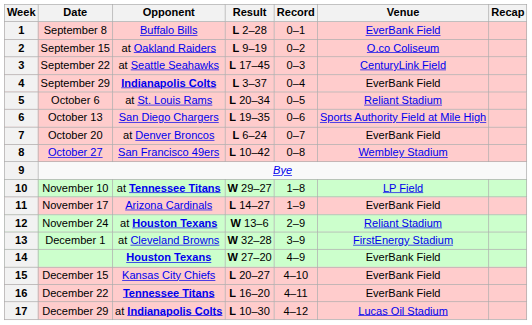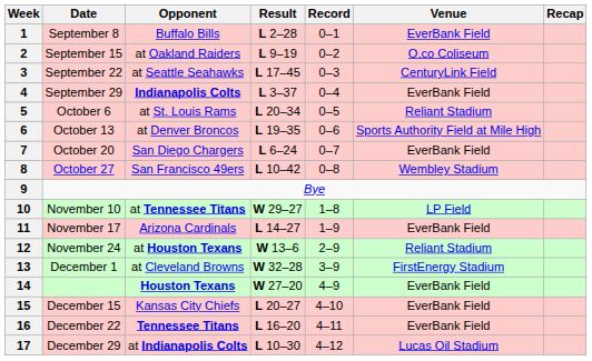 <table class="wikitable" style="text-align:center">
 <tr>
 <th>Week</th>
 <th>Date</th>
 <th>Opponent</th>
 <th>Result</th>
 <th>Record</th>
 <th>Venue</th>
 <th>Recap</th>
 </tr>
 <tr style="background:#fcc;">
 <th>1</th>
 <td>September 8</td>
 <td><a href='#'>Buffalo Bills</a></td>
 <td><strong>L</strong> 2–28</td>
 <td>0–1</td>
 <td><a href='#'>EverBank Field</a></td>
 <td></td>
 </tr>
 <tr style="background:#fcc;">
 <th>2</th>
 <td>September 15</td>
 <td>at <a href='#'>Oakland Raiders</a></td>
 <td><strong>L</strong> 9–19</td>
 <td>0–2</td>
 <td><a href='#'>O.co Coliseum</a></td>
 <td></td>
 </tr>
 <tr style="background:#fcc;">
 <th>3</th>
 <td>September 22</td>
 <td>at <a href='#'>Seattle Seahawks</a></td>
 <td><strong>L</strong> 17–45</td>
 <td>0–3</td>
 <td><a href='#'>CenturyLink Field</a></td>
 <td></td>
 </tr>
 <tr style="background:#fcc;">
 <th>4</th>
 <td>September 29</td>
 <td><strong><a href='#'>Indianapolis Colts</a></strong></td>
 <td><strong>L</strong> 3–37</td>
 <td>0–4</td>
 <td>EverBank Field</td>
 <td></td>
 </tr>
 <tr style="background:#fcc;">
 <th>5</th>
 <td>October 6</td>
 <td>at <a href='#'>St. Louis Rams</a></td>
 <td><strong>L</strong> 20–34</td>
 <td>0–5</td>
 <td><a href='#'>Reliant Stadium</a></td>
 <td></td>
 </tr>
 <tr style="background:#fcc;">
 <th>6</th>
 <td>October 13</td>
-<td><a href='#'>San Diego Chargers</a></td>
+<td>at <a href='#'>Denver Broncos</a></td>
 <td><strong>L</strong> 19–35</td>
 <td>0–6</td>
 <td><a href='#'>Sports Authority Field at Mile High</a></td>
 <td></td>
 </tr>
 <tr style="background:#fcc;">
 <th>7</th>
 <td>October 20</td>
-<td>at <a href='#'>Denver Broncos</a></td>
+<td><a href='#'>San Diego Chargers</a></td>
 <td><strong>L</strong> 6–24</td>
 <td>0–7</td>
 <td>EverBank Field</td>
 <td></td>
 </tr>
 <tr style="background:#fcc;">
 <th>8</th>
 <td><a href='#'>October 27</a></td>
 <td><a href='#'>San Francisco 49ers</a></td>
 <td><strong>L</strong> 10–42</td>
 <td>0–8</td>
 <td> <a href='#'>Wembley Stadium</a> </td>
 <td></td>
 </tr>
 <tr>
 <th>9</th>
 <td colspan="6" style="text-align:center;"><em><a href='#'>Bye</a></em></td>
 </tr>
 <tr style="background:#cfc;">
 <th>10</th>
 <td>November 10</td>
 <td>at <strong><a href='#'>Tennessee Titans</a></strong></td>
 <td><strong>W</strong> 29–27</td>
 <td>1–8</td>
 <td><a href='#'>LP Field</a></td>
 <td></td>
 </tr>
 <tr style="background:#fcc;">
 <th>11</th>
 <td>November 17</td>
 <td><a href='#'>Arizona Cardinals</a></td>
 <td><strong>L</strong> 14–27</td>
 <td>1–9</td>
 <td>EverBank Field</td>
 <td></td>
 </tr>
 <tr style="background:#cfc;">
 <th>12</th>
 <td>November 24</td>
 <td>at <strong><a href='#'>Houston Texans</a></strong></td>
 <td><strong>W</strong> 13–6</td>
 <td>2–9</td>
 <td><a href='#'>Reliant Stadium</a></td>
 <td></td>
 </tr>
 <tr style="background:#cfc;">
 <th>13</th>
 <td>December 1</td>
 <td>at <a href='#'>Cleveland Browns</a></td>
 <td><strong>W</strong> 32–28</td>
 <td>3–9</td>
 <td><a href='#'>FirstEnergy Stadium</a></td>
 <td></td>
 </tr>
 <tr style="background:#cfc;">
 <th>14</th>
 <td></td>
 <td><strong><a href='#'>Houston Texans</a></strong></td>
 <td><strong>W</strong> 27–20</td>
 <td>4–9</td>
 <td>EverBank Field</td>
 <td></td>
 </tr>
 <tr style="background:#fcc;">
 <th>15</th>
 <td>December 15</td>
 <td><a href='#'>Kansas City Chiefs</a></td>
 <td><strong>L</strong> 20–27</td>
 <td>4–10</td>
 <td>EverBank Field</td>
 <td></td>
 </tr>
 <tr style="background:#fcc;">
 <th>16</th>
 <td>December 22</td>
 <td><strong><a href='#'>Tennessee Titans</a></strong></td>
 <td><strong>L</strong> 16–20</td>
 <td>4–11</td>
 <td>EverBank Field</td>
 <td></td>
 </tr>
 <tr style="background:#fcc;">
 <th>17</th>
 <td>December 29</td>
 <td>at <strong><a href='#'>Indianapolis Colts</a></strong></td>
 <td><strong>L</strong> 10–30</td>
 <td>4–12</td>
 <td><a href='#'>Lucas Oil Stadium</a></td>
 <td></td>
 </tr>
 </table>
